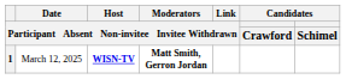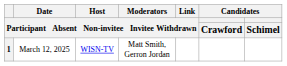 <table class="wikitable mw-collapsible" style="text-align:center;">
 <tr style="font-size:small;">
 <th scope="col"></th>
 <th scope="col">Date</th>
 <th scope="col">Host</th>
 <th scope="col">Moderators</th>
 <th scope="col">Link</th>
 <th scope="col" colspan="2">Candidates</th>
 </tr>
 <tr>
 <th colspan="5" rowspan="2"> <small>Participant  </small> <small>Absent  </small> <small>Non-invitee  </small> <small>Invitee</small> <small> Withdrawn</small></th>
 <th scope="col" style="background:"></th>
 <th scope="col" style="background:"></th>
 </tr>
 <tr>
 <th scope="col">Crawford</th>
 <th scope="col">Schimel</th>
 </tr>
 <tr style="background:#FFFFFF;font-size:small;">
 <th scope="row">1</th>
 <td style="white-space:nowrap;">March 12, 2025</td>
-<td style="white-space:nowrap;"><strong><a href='#'>WISN-TV</a></strong></td>
-<td style="white-space:nowrap;"><strong>Matt Smith,<br>Gerron Jordan</strong></td>
+<td style="white-space:nowrap;"><a href='#'>WISN-TV</a></td>
+<td style="white-space:nowrap;">Matt Smith,<br>Gerron Jordan</td>
 <td style="white-space:nowrap;"></td>
 <td></td>
 <td></td>
 </tr>
 </table>
